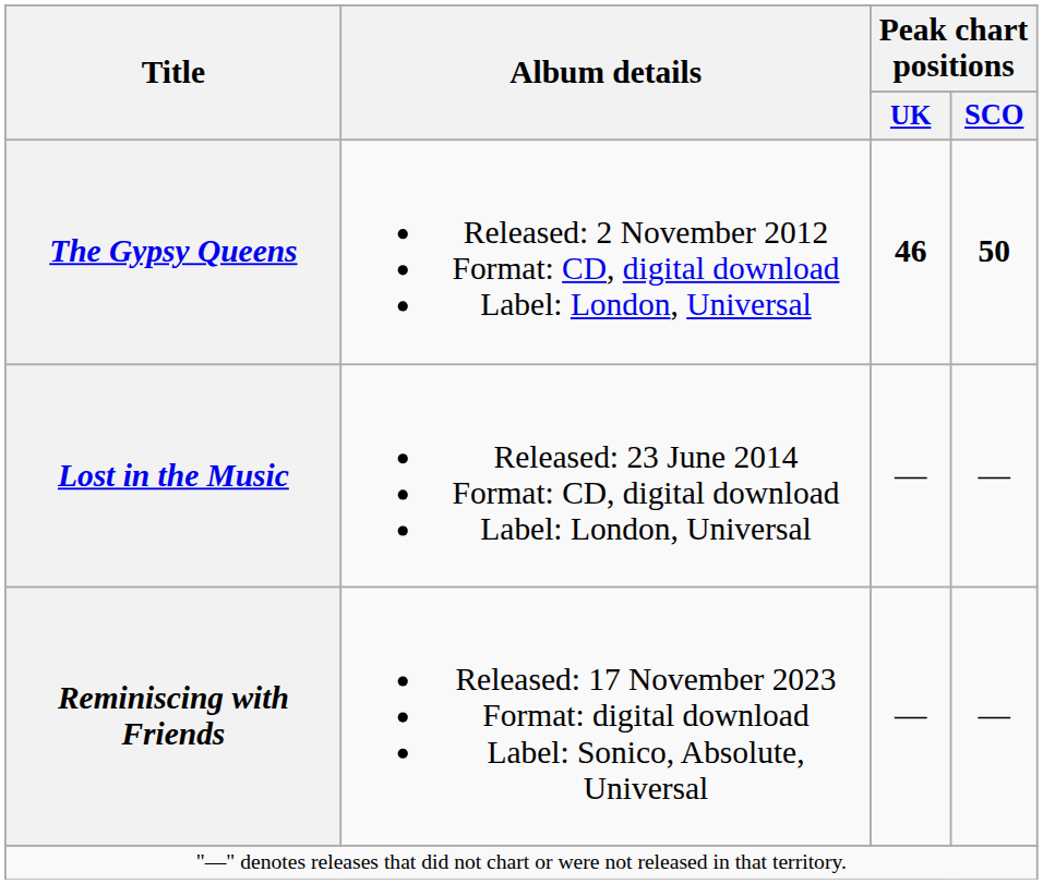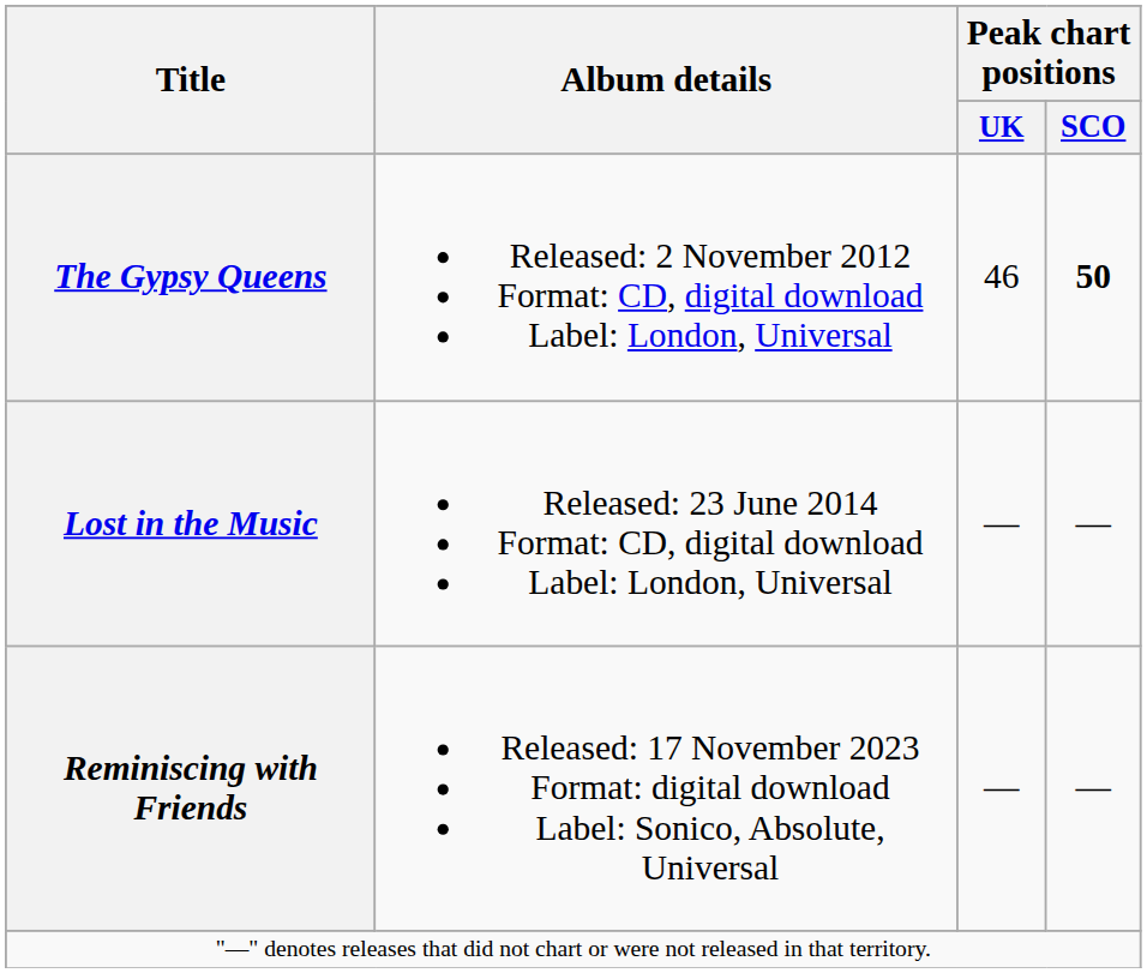 <table class="wikitable plainrowheaders" style="text-align:center;" border="1">
 <tr>
 <th scope="col" rowspan="2" style="width:10em;">Title</th>
 <th scope="col" rowspan="2" style="width:16em;">Album details</th>
 <th scope="col" colspan="2">Peak chart<br>positions</th>
 </tr>
 <tr>
 <th scope="col" style="width:2.5em;font-size:85%;"><a href='#'>UK</a><br></th>
 <th scope="col" style="width:2.5em;font-size:90%;"><a href='#'>SCO</a><br></th>
 </tr>
 <tr>
 <th scope="row"><em><a href='#'>The Gypsy Queens</a></em></th>
 <td><br><ul><li>Released: 2 November 2012</li><li>Format: <a href='#'>CD</a>, <a href='#'>digital download</a></li><li>Label: <a href='#'>London</a>, <a href='#'>Universal</a></li></ul></td>
-<td><strong>46</strong></td>
+<td>46</td>
 <td><strong>50</strong></td>
 </tr>
 <tr>
 <th scope="row"><em><a href='#'>Lost in the Music</a></em></th>
 <td><br><ul><li>Released: 23 June 2014</li><li>Format: CD, digital download</li><li>Label: London, Universal</li></ul></td>
 <td>—</td>
 <td>—</td>
 </tr>
 <tr>
 <th scope="row"><em>Reminiscing with Friends</em></th>
 <td><br><ul><li>Released: 17 November 2023</li><li>Format: digital download</li><li>Label: Sonico, Absolute, Universal</li></ul></td>
 <td>—</td>
 <td>—</td>
 </tr>
 <tr>
 <td align="center" colspan="15" style="font-size:8pt">"—" denotes releases that did not chart or were not released in that territory.</td>
 </tr>
 </table>
